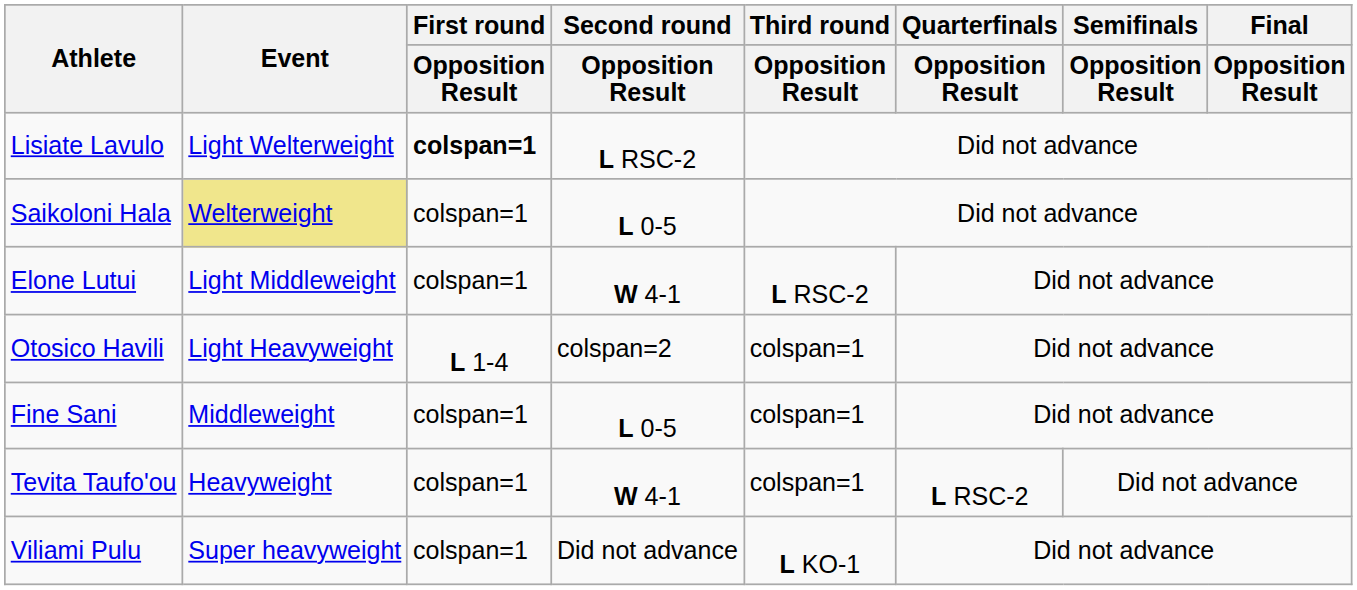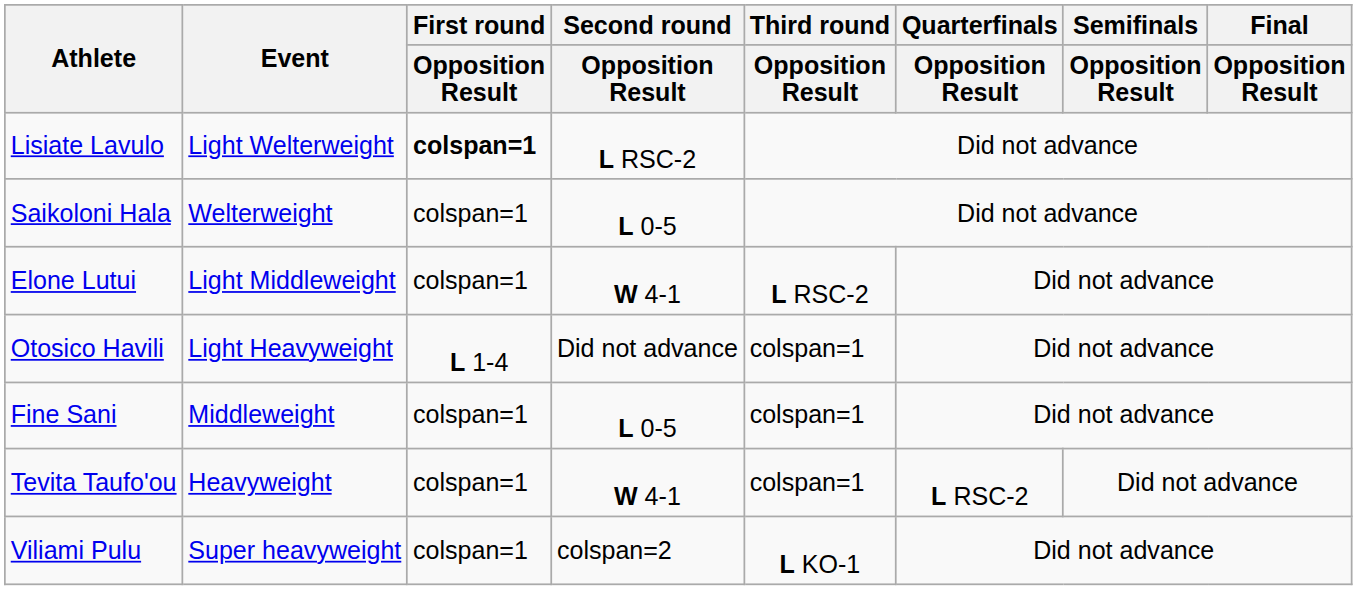 <table class="wikitable" style="font-size:90%">
 <tr>
 <th rowspan="2">Athlete</th>
 <th rowspan="2">Event</th>
 <th>First round</th>
 <th>Second round</th>
 <th>Third round</th>
 <th>Quarterfinals</th>
 <th>Semifinals</th>
 <th>Final</th>
 </tr>
 <tr>
 <th>Opposition<br>Result</th>
 <th>Opposition<br>Result</th>
 <th>Opposition<br>Result</th>
 <th>Opposition<br>Result</th>
 <th>Opposition<br>Result</th>
 <th>Opposition<br>Result</th>
 </tr>
 <tr>
 <td><a href='#'>Lisiate Lavulo</a></td>
 <td><a href='#'>Light Welterweight</a></td>
 <td><strong>colspan=1 </strong></td>
 <td align=center><br><strong>L</strong> RSC-2</td>
 <td align=center colspan="6">Did not advance</td>
 </tr>
 <tr>
 <td><a href='#'>Saikoloni Hala</a></td>
-<td style="background: khaki;"><a href='#'>Welterweight</a></td>
+<td><a href='#'>Welterweight</a></td>
 <td>colspan=1 </td>
 <td align=center><br><strong>L</strong> 0-5</td>
 <td align=center colspan="6">Did not advance</td>
 </tr>
 <tr>
 <td><a href='#'>Elone Lutui</a></td>
 <td><a href='#'>Light Middleweight</a></td>
 <td>colspan=1 </td>
 <td align=center><br><strong>W</strong> 4-1</td>
 <td align=center><br><strong>L</strong> RSC-2</td>
 <td align=center colspan="6">Did not advance</td>
 </tr>
 <tr>
 <td><a href='#'>Otosico Havili</a></td>
 <td><a href='#'>Light Heavyweight</a></td>
 <td align=center><br><strong>L</strong> 1-4</td>
-<td>colspan=2 </td>
+<td align=center colspan="1">Did not advance</td>
 <td>colspan=1 </td>
 <td align=center colspan="6">Did not advance</td>
 </tr>
 <tr>
 <td><a href='#'>Fine Sani</a></td>
 <td><a href='#'>Middleweight</a></td>
 <td>colspan=1 </td>
 <td align=center><br><strong>L</strong> 0-5</td>
 <td>colspan=1 </td>
 <td align=center colspan="6">Did not advance</td>
 </tr>
 <tr>
 <td><a href='#'>Tevita Taufo'ou</a></td>
 <td><a href='#'>Heavyweight</a></td>
 <td>colspan=1 </td>
 <td align=center><br><strong>W</strong> 4-1</td>
 <td>colspan=1 </td>
 <td align=center><br><strong>L</strong> RSC-2</td>
 <td align=center colspan="6">Did not advance</td>
 </tr>
 <tr>
 <td><a href='#'>Viliami Pulu</a></td>
 <td><a href='#'>Super heavyweight</a></td>
 <td>colspan=1 </td>
-<td align=center colspan="1">Did not advance</td>
+<td>colspan=2 </td>
 <td align=center><br><strong>L</strong> KO-1</td>
 <td align=center colspan="6">Did not advance</td>
 </tr>
 </table>
